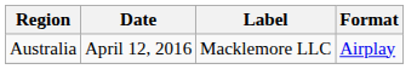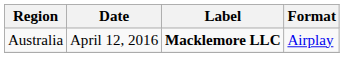 <table class=wikitable>
 <tr>
 <th>Region</th>
 <th>Date</th>
 <th>Label</th>
 <th>Format</th>
 </tr>
 <tr>
 <td>Australia</td>
 <td>April 12, 2016</td>
-<td>Macklemore LLC</td>
+<td><strong>Macklemore LLC</strong></td>
 <td><a href='#'>Airplay</a></td>
 </tr>
 <tr>
 </tr>
 </table>
